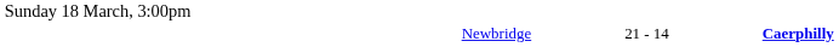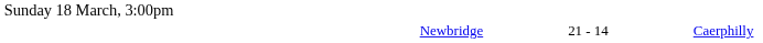 <table style="width:70%;" cellspacing="1">
 <tr>
 <th width=35%></th>
 <th width=15%></th>
 <th></th>
 </tr>
 <tr>
 <td>Sunday 18 March, 3:00pm</td>
 </tr>
 <tr style=font-size:90%>
 <td align=right><a href='#'>Newbridge</a></td>
 <td align=center>21 - 14</td>
-<td><strong><a href='#'>Caerphilly</a></strong></td>
+<td><a href='#'>Caerphilly</a></td>
 </tr>
 </table>
